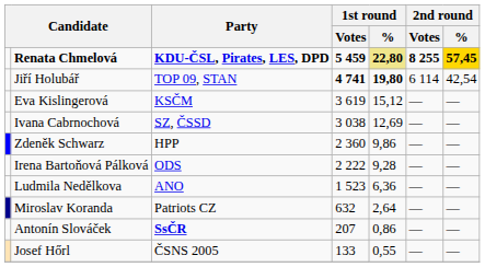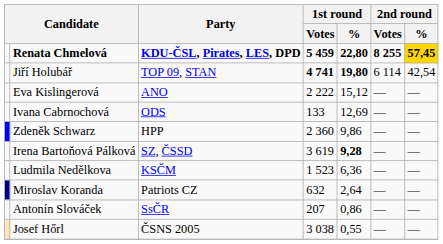 <table class="wikitable sortable">
 <tr>
 <th colspan="2" rowspan="2">Candidate</th>
 <th rowspan="2">Party</th>
 <th colspan="2">1st round</th>
 <th colspan="2">2nd round</th>
 </tr>
 <tr>
 <th>Votes</th>
 <th>%</th>
 <th>Votes</th>
 <th>%</th>
 </tr>
 <tr>
 <td style="background-color:"></td>
 <td><strong>Renata Chmelová</strong></td>
 <td><strong><a href='#'>KDU-ČSL</a>, <a href='#'>Pirates</a>, <a href='#'>LES</a>, DPD</strong></td>
 <td><strong>5 459</strong></td>
-<td style="background: khaki;"><strong>22,80</strong></td>
+<td><strong>22,80</strong></td>
 <td><strong>8 255</strong></td>
 <td style="background: gold;"><strong>57,45</strong></td>
 </tr>
 <tr>
 <td style="background-color:"></td>
 <td>Jiří Holubář</td>
 <td><a href='#'>TOP 09</a>, <a href='#'>STAN</a></td>
 <td><strong>4 741</strong></td>
 <td><strong>19,80</strong></td>
 <td>6 114</td>
 <td>42,54</td>
 </tr>
 <tr>
 <td style="background-color:"></td>
 <td>Eva Kislingerová</td>
-<td><a href='#'>KSČM</a></td>
-<td>3 619</td>
+<td><a href='#'>ANO</a></td>
+<td>2 222</td>
 <td>15,12</td>
 <td>—</td>
 <td>—</td>
 </tr>
 <tr>
 <td style="background-color:"></td>
 <td>Ivana Cabrnochová</td>
-<td><a href='#'>SZ</a>, <a href='#'>ČSSD</a></td>
-<td>3 038</td>
+<td><a href='#'>ODS</a></td>
+<td>133</td>
 <td>12,69</td>
 <td>—</td>
 <td>—</td>
 </tr>
 <tr>
 <td style="background-color:blue;"></td>
 <td>Zdeněk Schwarz</td>
 <td>HPP</td>
 <td>2 360</td>
 <td>9,86</td>
 <td>—</td>
 <td>—</td>
 </tr>
 <tr>
 <td style="background-color:"></td>
 <td>Irena Bartoňová Pálková</td>
-<td><a href='#'>ODS</a></td>
-<td>2 222</td>
-<td>9,28</td>
+<td><a href='#'>SZ</a>, <a href='#'>ČSSD</a></td>
+<td>3 619</td>
+<td><strong>9,28</strong></td>
 <td>—</td>
 <td>—</td>
 </tr>
 <tr>
 <td style="background-color:"></td>
 <td>Ludmila Nedělkova</td>
-<td><a href='#'>ANO</a></td>
+<td><a href='#'>KSČM</a></td>
 <td>1 523</td>
 <td>6,36</td>
 <td>—</td>
 <td>—</td>
 </tr>
 <tr>
 <td style="background-color:darkblue;"></td>
 <td>Miroslav Koranda</td>
 <td>Patriots CZ</td>
 <td>632</td>
 <td>2,64</td>
 <td>—</td>
 <td>—</td>
 </tr>
 <tr>
 <td style="background-color:"></td>
 <td>Antonín Slováček</td>
-<td><strong><a href='#'>SsČR</a></strong></td>
+<td><a href='#'>SsČR</a></td>
 <td>207</td>
 <td>0,86</td>
 <td>—</td>
 <td>—</td>
 </tr>
 <tr>
 <td style="background-color:Moccasin"></td>
 <td>Josef Hőrl</td>
 <td>ČSNS 2005</td>
-<td>133</td>
+<td>3 038</td>
 <td>0,55</td>
 <td>—</td>
 <td>—</td>
 </tr>
 <tr>
 </tr>
 </table>
